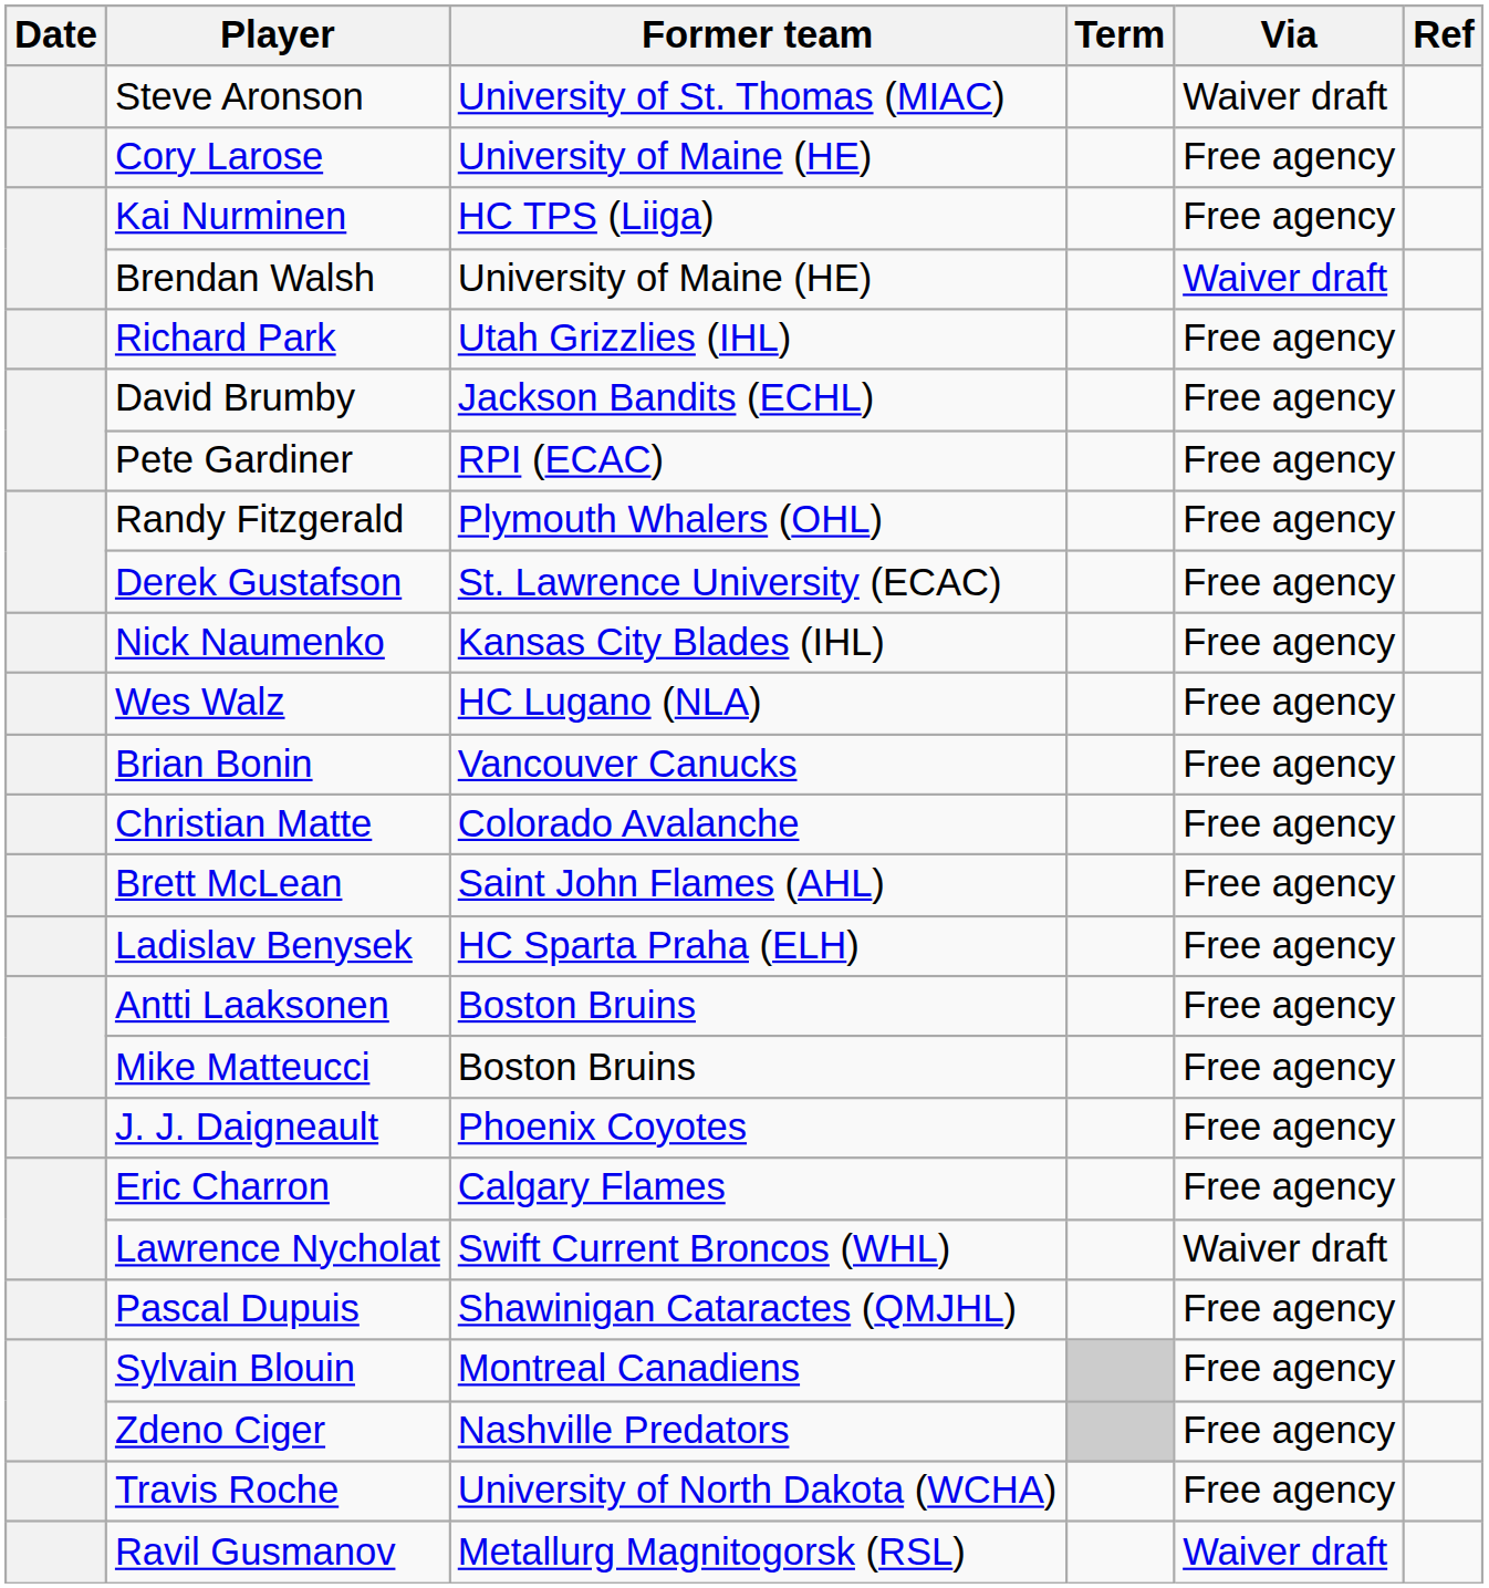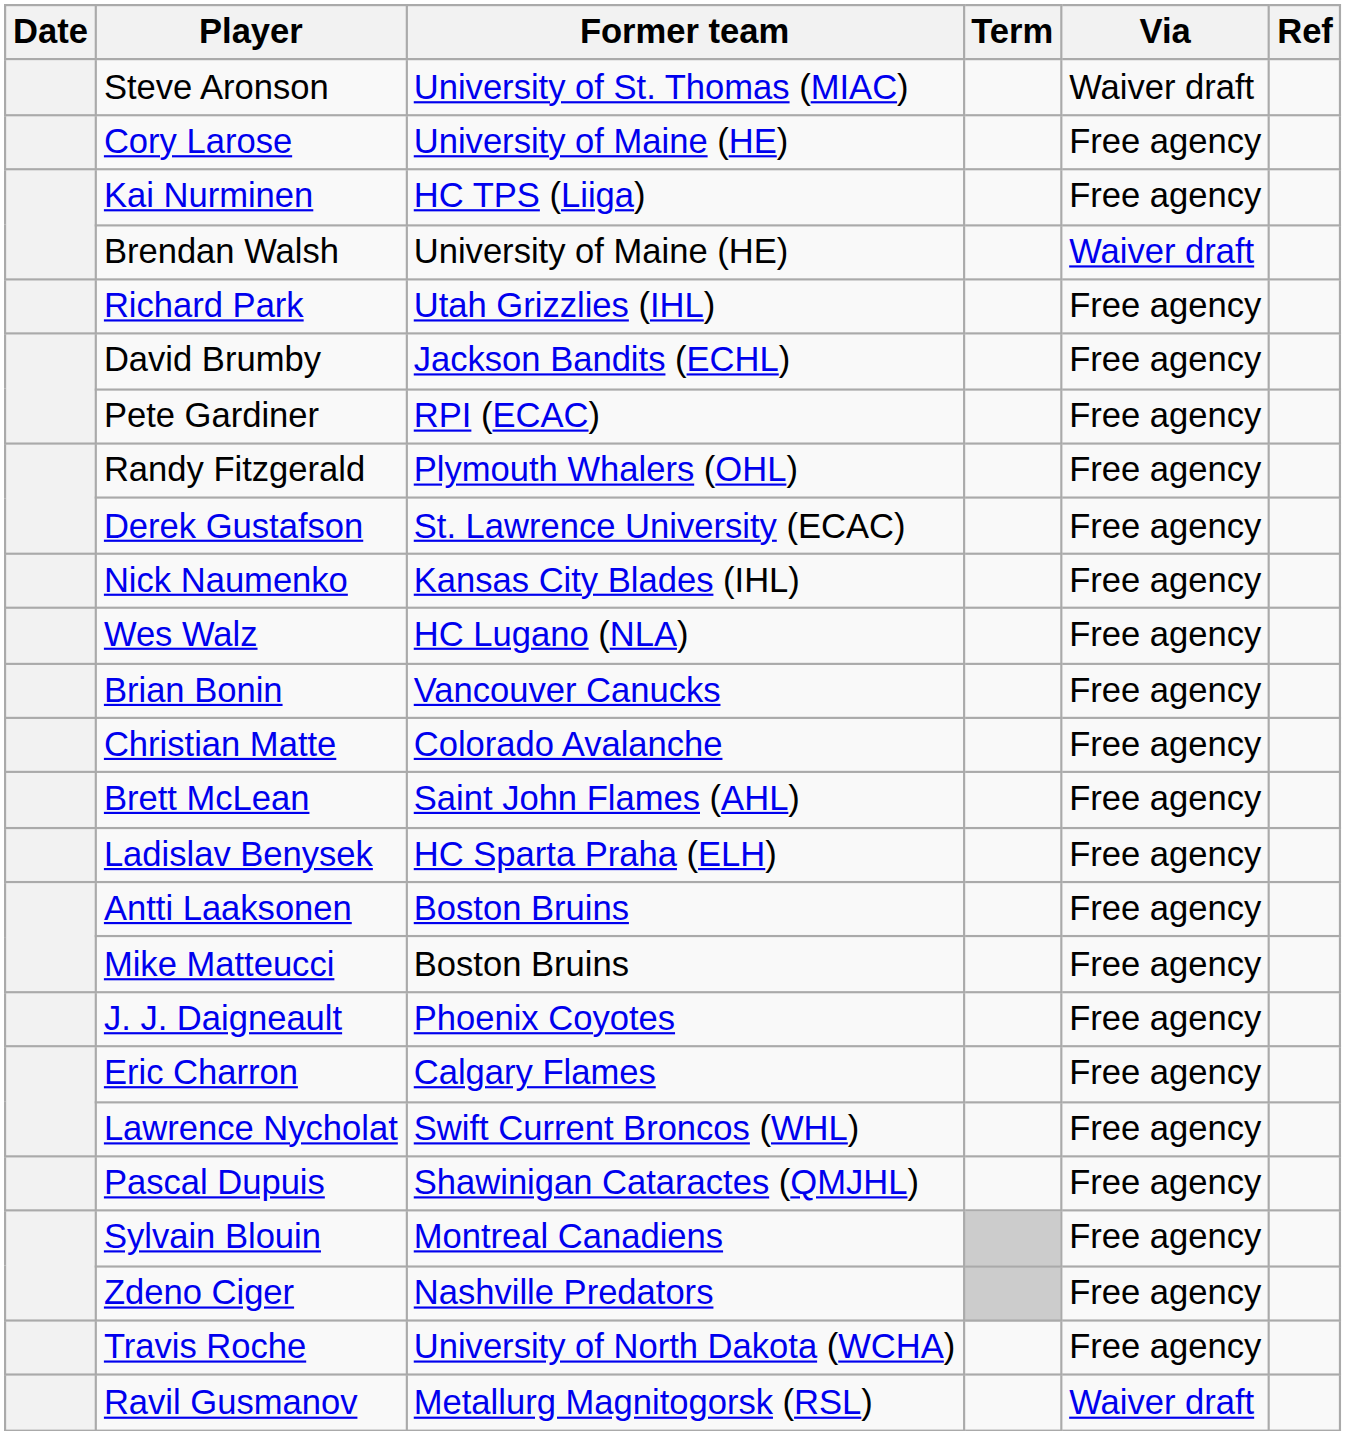 <table class="wikitable plainrowheaders">
 <tr style="background:#ddd; text-align:center;">
 <th>Date</th>
 <th>Player</th>
 <th>Former team</th>
 <th>Term</th>
 <th>Via</th>
 <th>Ref</th>
 </tr>
 <tr>
 <th scope="row"></th>
 <td>Steve Aronson</td>
 <td><a href='#'>University of St. Thomas</a> (<a href='#'>MIAC</a>)</td>
 <td></td>
 <td>Waiver draft</td>
 <td></td>
 </tr>
 <tr>
 <th scope="row"></th>
 <td><a href='#'>Cory Larose</a></td>
 <td><a href='#'>University of Maine</a> (<a href='#'>HE</a>)</td>
 <td></td>
 <td>Free agency</td>
 <td></td>
 </tr>
 <tr>
 <th scope="row" rowspan=2></th>
 <td><a href='#'>Kai Nurminen</a></td>
 <td><a href='#'>HC TPS</a> (<a href='#'>Liiga</a>)</td>
 <td></td>
 <td>Free agency</td>
 <td></td>
 </tr>
 <tr>
 <td>Brendan Walsh</td>
 <td>University of Maine (HE)</td>
 <td></td>
 <td><a href='#'>Waiver draft</a></td>
 <td></td>
 </tr>
 <tr>
 <th scope="row"></th>
 <td><a href='#'>Richard Park</a></td>
 <td><a href='#'>Utah Grizzlies</a> (<a href='#'>IHL</a>)</td>
 <td></td>
 <td>Free agency</td>
 <td></td>
 </tr>
 <tr>
 <th scope="row" rowspan=2></th>
 <td>David Brumby</td>
 <td><a href='#'>Jackson Bandits</a> (<a href='#'>ECHL</a>)</td>
 <td></td>
 <td>Free agency</td>
 <td></td>
 </tr>
 <tr>
 <td>Pete Gardiner</td>
 <td><a href='#'>RPI</a> (<a href='#'>ECAC</a>)</td>
 <td></td>
 <td>Free agency</td>
 <td></td>
 </tr>
 <tr>
 <th scope="row" rowspan=2></th>
 <td>Randy Fitzgerald</td>
 <td><a href='#'>Plymouth Whalers</a> (<a href='#'>OHL</a>)</td>
 <td></td>
 <td>Free agency</td>
 <td></td>
 </tr>
 <tr>
 <td><a href='#'>Derek Gustafson</a></td>
 <td><a href='#'>St. Lawrence University</a> (ECAC)</td>
 <td></td>
 <td>Free agency</td>
 <td></td>
 </tr>
 <tr>
 <th scope="row"></th>
 <td><a href='#'>Nick Naumenko</a></td>
 <td><a href='#'>Kansas City Blades</a> (IHL)</td>
 <td></td>
 <td>Free agency</td>
 <td></td>
 </tr>
 <tr>
 <th scope="row"></th>
 <td><a href='#'>Wes Walz</a></td>
 <td><a href='#'>HC Lugano</a> (<a href='#'>NLA</a>)</td>
 <td></td>
 <td>Free agency</td>
 <td></td>
 </tr>
 <tr>
 <th scope="row"></th>
 <td><a href='#'>Brian Bonin</a></td>
 <td><a href='#'>Vancouver Canucks</a></td>
 <td></td>
 <td>Free agency</td>
 <td></td>
 </tr>
 <tr>
 <th scope="row"></th>
 <td><a href='#'>Christian Matte</a></td>
 <td><a href='#'>Colorado Avalanche</a></td>
 <td></td>
 <td>Free agency</td>
 <td></td>
 </tr>
 <tr>
 <th scope="row"></th>
 <td><a href='#'>Brett McLean</a></td>
 <td><a href='#'>Saint John Flames</a> (<a href='#'>AHL</a>)</td>
 <td></td>
 <td>Free agency</td>
 <td></td>
 </tr>
 <tr>
 <th scope="row"></th>
 <td><a href='#'>Ladislav Benysek</a></td>
 <td><a href='#'>HC Sparta Praha</a> (<a href='#'>ELH</a>)</td>
 <td></td>
 <td>Free agency</td>
 <td></td>
 </tr>
 <tr>
 <th scope="row" rowspan=2></th>
 <td><a href='#'>Antti Laaksonen</a></td>
 <td><a href='#'>Boston Bruins</a></td>
 <td></td>
 <td>Free agency</td>
 <td></td>
 </tr>
 <tr>
 <td><a href='#'>Mike Matteucci</a></td>
 <td>Boston Bruins</td>
 <td></td>
 <td>Free agency</td>
 <td></td>
 </tr>
 <tr>
 <th scope="row"></th>
 <td><a href='#'>J. J. Daigneault</a></td>
 <td><a href='#'>Phoenix Coyotes</a></td>
 <td></td>
 <td>Free agency</td>
 <td></td>
 </tr>
 <tr>
 <th scope="row" rowspan=2></th>
 <td><a href='#'>Eric Charron</a></td>
 <td><a href='#'>Calgary Flames</a></td>
 <td></td>
 <td>Free agency</td>
 <td></td>
 </tr>
 <tr>
 <td><a href='#'>Lawrence Nycholat</a></td>
 <td><a href='#'>Swift Current Broncos</a> (<a href='#'>WHL</a>)</td>
 <td></td>
-<td>Waiver draft</td>
+<td>Free agency</td>
 <td></td>
 </tr>
 <tr>
 <th scope="row"></th>
 <td><a href='#'>Pascal Dupuis</a></td>
 <td><a href='#'>Shawinigan Cataractes</a> (<a href='#'>QMJHL</a>)</td>
 <td></td>
 <td>Free agency</td>
 <td></td>
 </tr>
 <tr>
 <th scope="row" rowspan=2></th>
 <td><a href='#'>Sylvain Blouin</a></td>
 <td><a href='#'>Montreal Canadiens</a></td>
 <td style="background:#ccc"></td>
 <td>Free agency</td>
 <td></td>
 </tr>
 <tr>
 <td><a href='#'>Zdeno Ciger</a></td>
 <td><a href='#'>Nashville Predators</a></td>
 <td style="background:#ccc"></td>
 <td>Free agency</td>
 <td></td>
 </tr>
 <tr>
 <th scope="row"></th>
 <td><a href='#'>Travis Roche</a></td>
 <td><a href='#'>University of North Dakota</a> (<a href='#'>WCHA</a>)</td>
 <td></td>
 <td>Free agency</td>
 <td></td>
 </tr>
 <tr>
 <th scope="row"></th>
 <td><a href='#'>Ravil Gusmanov</a></td>
 <td><a href='#'>Metallurg Magnitogorsk</a> (<a href='#'>RSL</a>)</td>
 <td></td>
 <td><a href='#'>Waiver draft</a></td>
 <td></td>
 </tr>
 </table>
